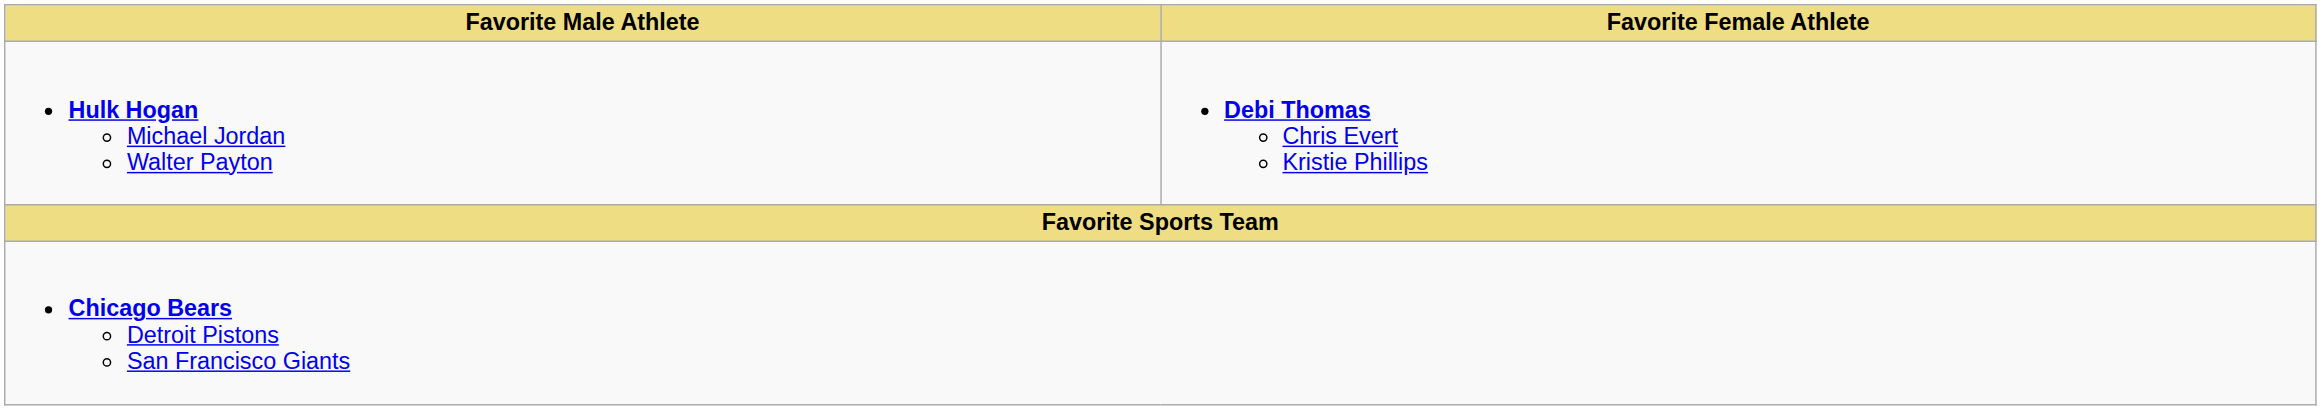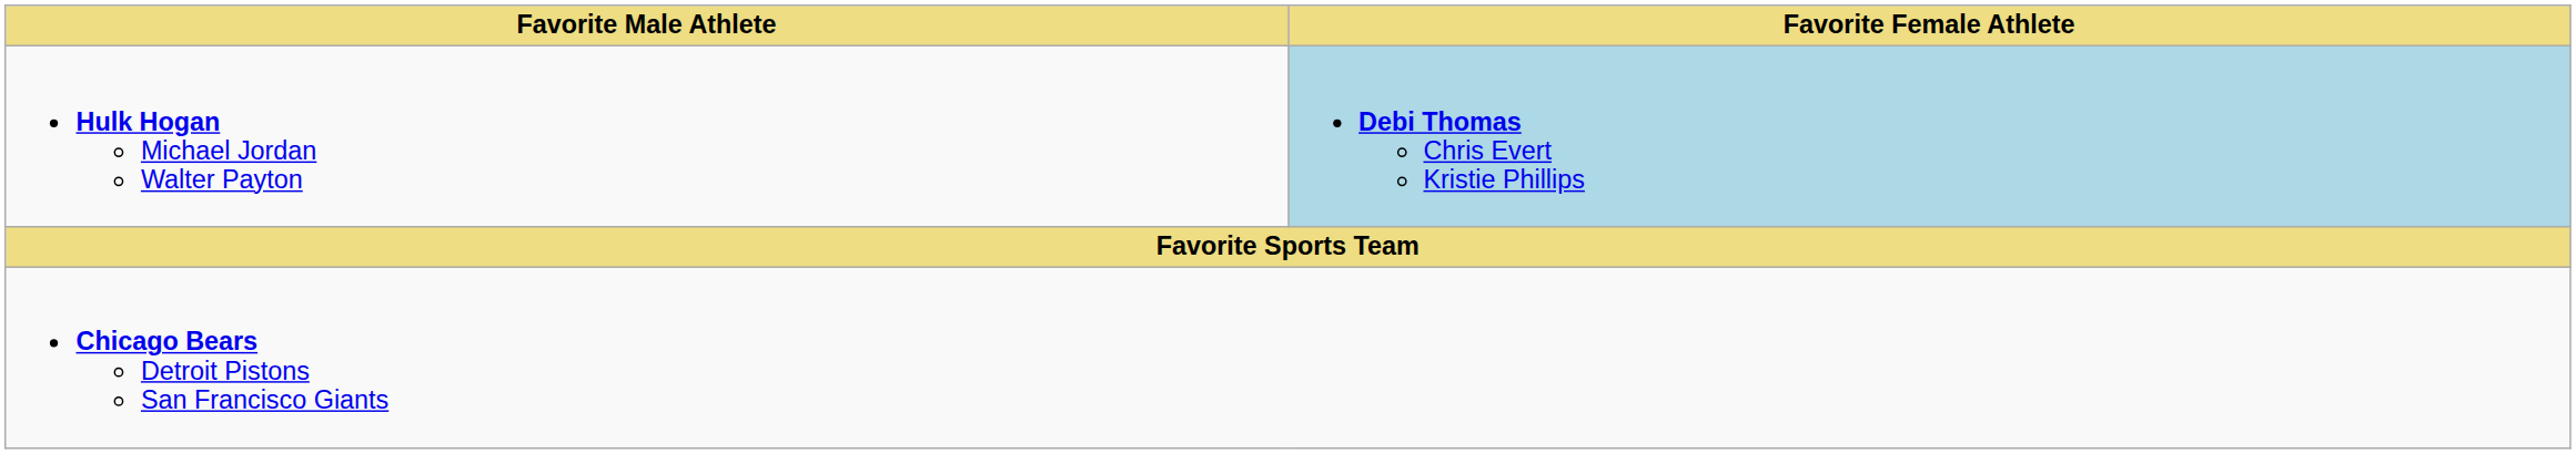 <table class="wikitable" style="width:100%">
 <tr>
 <th style="background:#EEDD82; width:50%">Favorite Male Athlete</th>
 <th style="background:#EEDD82; width:50%">Favorite Female Athlete</th>
 </tr>
 <tr>
 <td valign="top"><br><ul><li><strong><a href='#'>Hulk Hogan</a></strong><ul><li><a href='#'>Michael Jordan</a></li><li><a href='#'>Walter Payton</a></li></ul></li></ul></td>
-<td valign="top"><br><ul><li><strong><a href='#'>Debi Thomas</a></strong><ul><li><a href='#'>Chris Evert</a></li><li><a href='#'>Kristie Phillips</a></li></ul></li></ul></td>
+<td valign="top" style="background: lightblue;"><br><ul><li><strong><a href='#'>Debi Thomas</a></strong><ul><li><a href='#'>Chris Evert</a></li><li><a href='#'>Kristie Phillips</a></li></ul></li></ul></td>
 </tr>
 <tr>
 <th style="background:#EEDD82;" colspan="2">Favorite Sports Team</th>
 </tr>
 <tr>
 <td colspan="2" valign="top"><br><ul><li><strong><a href='#'>Chicago Bears</a></strong><ul><li><a href='#'>Detroit Pistons</a></li><li><a href='#'>San Francisco Giants</a></li></ul></li></ul></td>
 </tr>
 </table>
